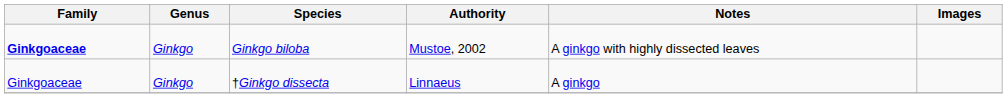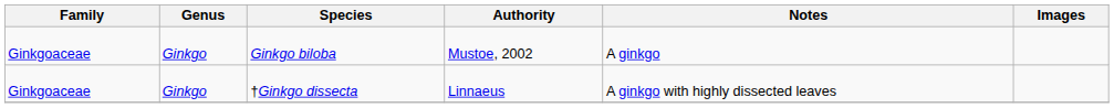 <table class="wikitable sortable" align="center" width="100%">
 <tr>
 <th>Family</th>
 <th>Genus</th>
 <th>Species</th>
 <th>Authority</th>
 <th>Notes</th>
 <th>Images</th>
 </tr>
 <tr>
-<td><strong><br><a href='#'>Ginkgoaceae</a></strong></td>
+<td><br><a href='#'>Ginkgoaceae</a></td>
 <td><br><em><a href='#'>Ginkgo</a></em></td>
 <td><br><em><a href='#'>Ginkgo biloba</a></em></td>
 <td><br><a href='#'>Mustoe</a>, 2002</td>
-<td><br>A <a href='#'>ginkgo</a> with highly dissected leaves</td>
+<td><br>A <a href='#'>ginkgo</a></td>
 <td><br></td>
 </tr>
 <tr>
 <td><br><a href='#'>Ginkgoaceae</a></td>
 <td><br><em><a href='#'>Ginkgo</a></em></td>
 <td><br>†<em><a href='#'>Ginkgo dissecta</a></em></td>
 <td><br><a href='#'>Linnaeus</a></td>
-<td><br>A <a href='#'>ginkgo</a></td>
+<td><br>A <a href='#'>ginkgo</a> with highly dissected leaves</td>
 <td><br></td>
 </tr>
 <tr>
 </tr>
 </table>
